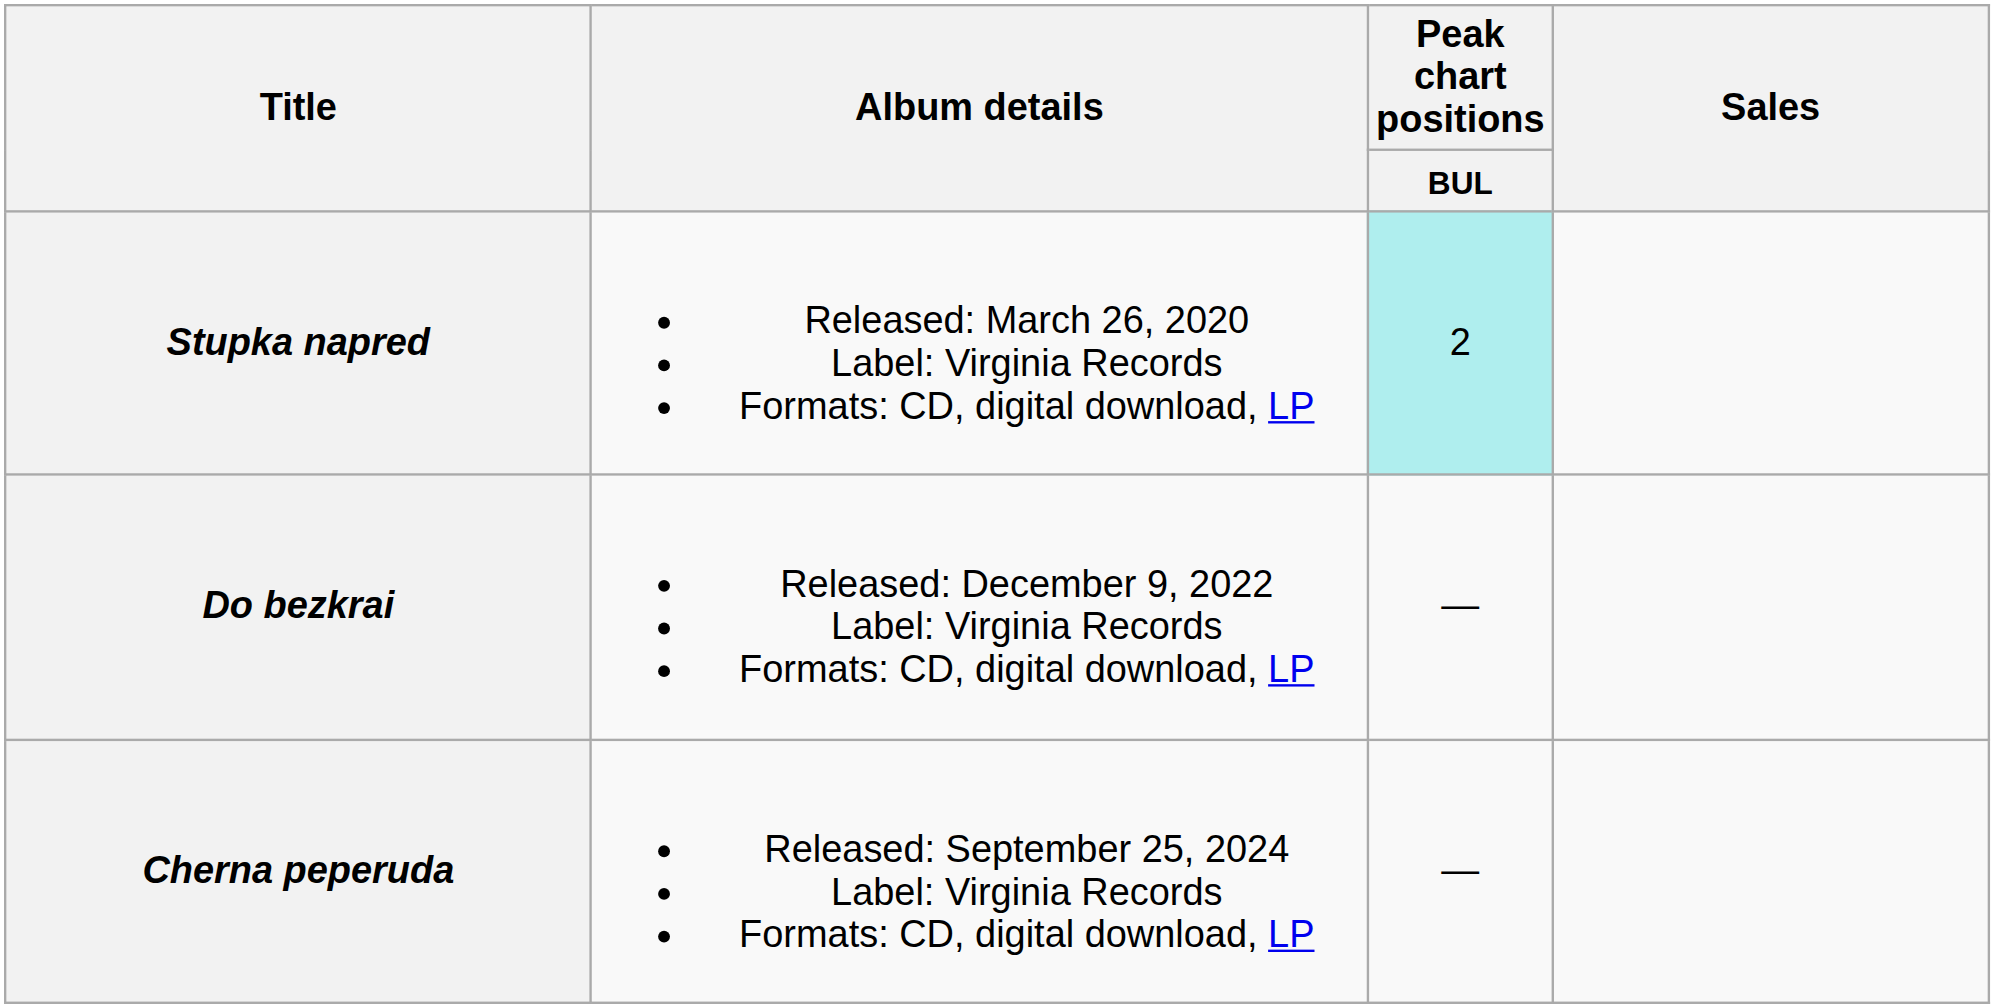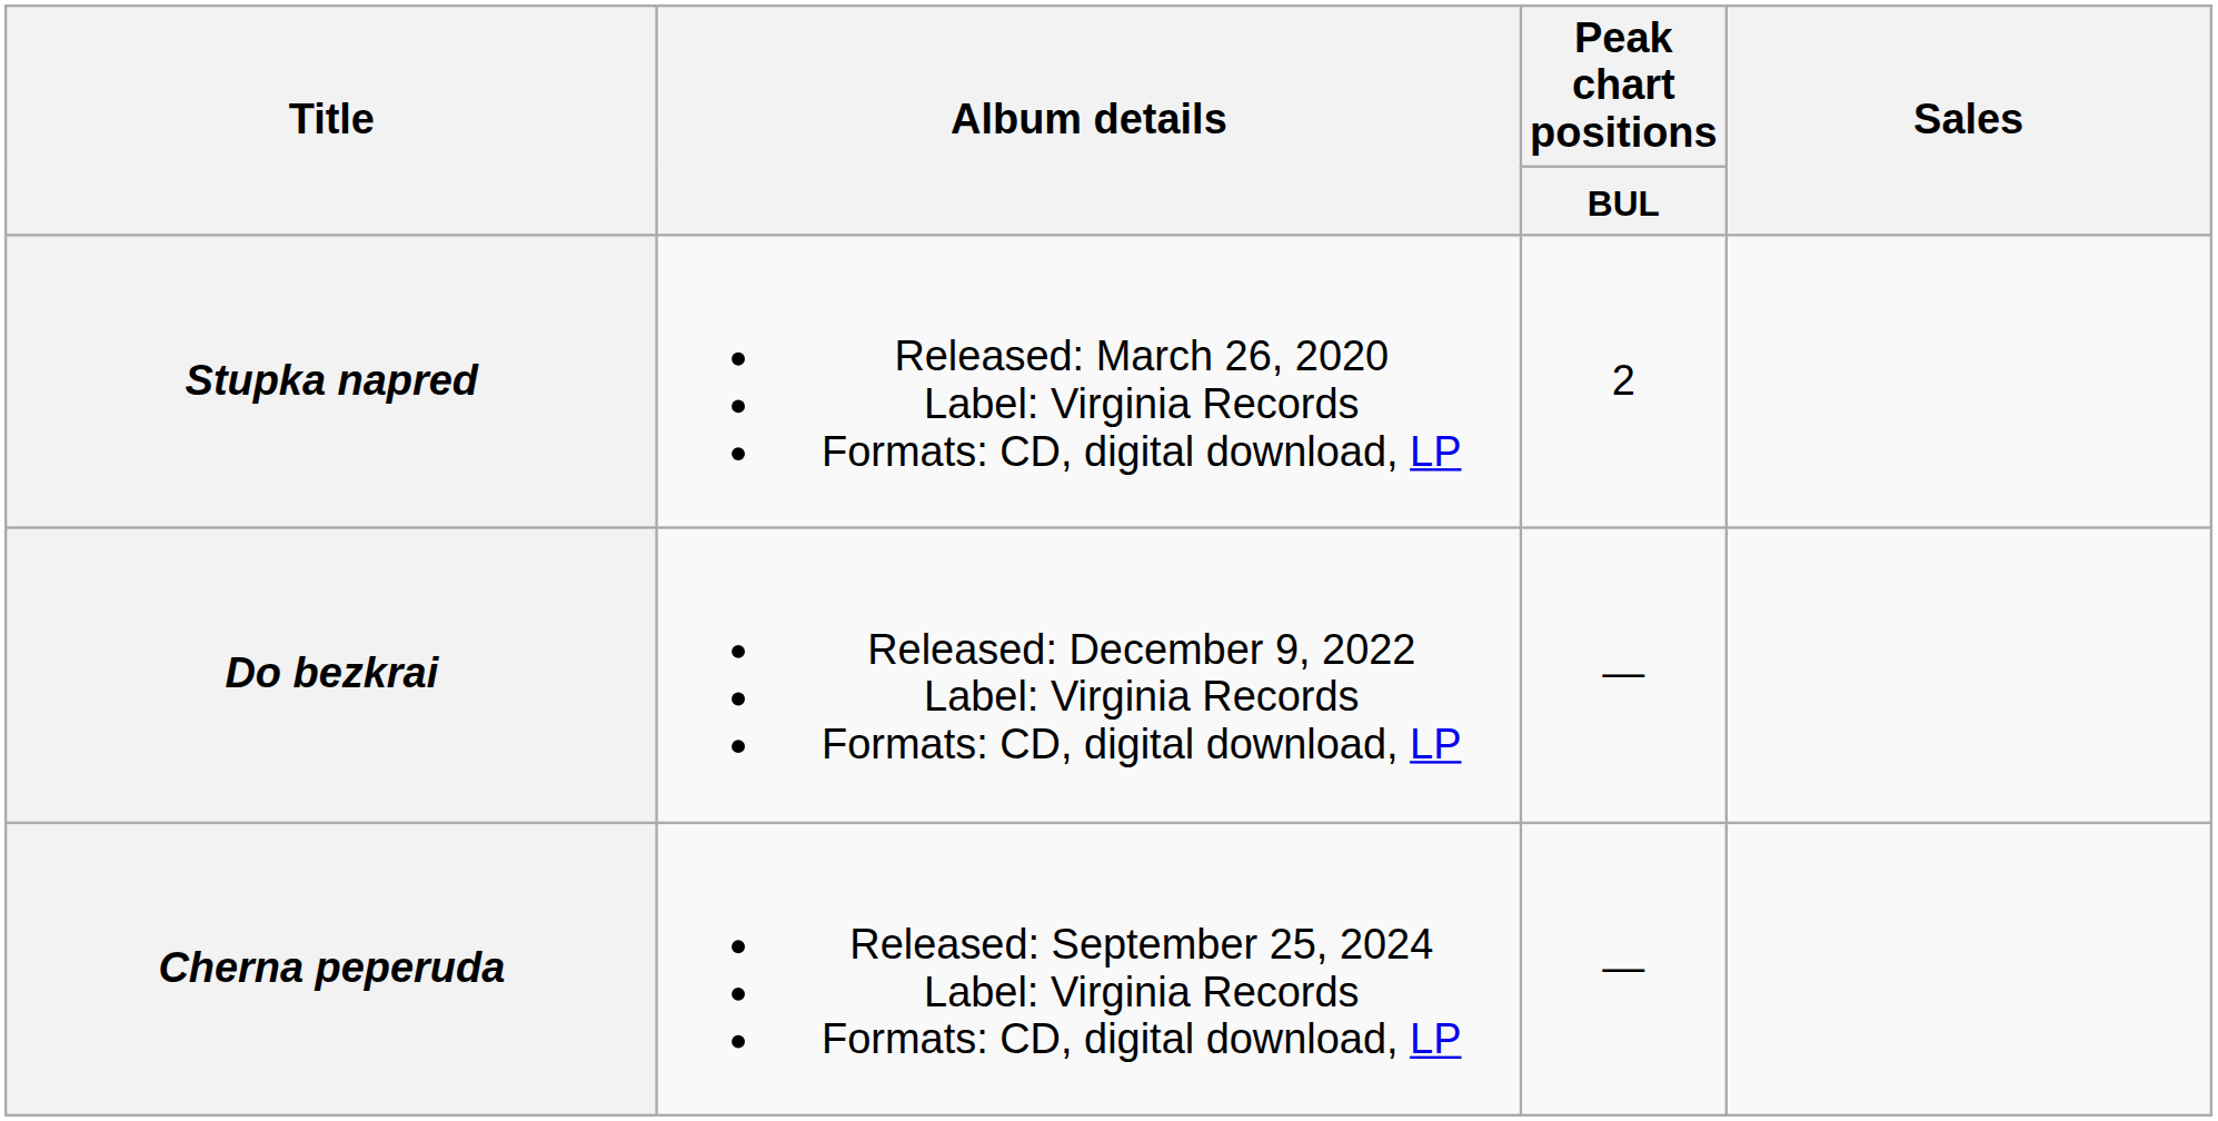 <table class="wikitable plainrowheaders" style="text-align:center;">
 <tr>
 <th scope="col" rowspan="2" style="width: 15em;">Title</th>
 <th scope="col" rowspan="2" style="width: 20em;">Album details</th>
 <th scope="col" colspan="1">Peak chart positions</th>
 <th scope="col" rowspan="2" style="width: 11em;">Sales</th>
 </tr>
 <tr>
 <th width=25><small>BUL</small><br></th>
 </tr>
 <tr>
 <th scope="row"><em>Stupka napred</em></th>
 <td><br><ul><li>Released: March 26, 2020</li><li>Label: Virginia Records</li><li>Formats: CD, digital download, <a href='#'>LP</a></li></ul></td>
-<td style="background: paleturquoise;">2</td>
+<td>2</td>
 <td></td>
 </tr>
 <tr>
 <th scope="row"><em>Do bezkrai</em></th>
 <td><br><ul><li>Released: December 9, 2022</li><li>Label: Virginia Records</li><li>Formats: CD, digital download, <a href='#'>LP</a></li></ul></td>
 <td>—</td>
 <td></td>
 </tr>
 <tr>
 <th scope="row"><em>Cherna peperuda</em></th>
 <td><br><ul><li>Released: September 25, 2024</li><li>Label: Virginia Records</li><li>Formats: CD, digital download, <a href='#'>LP</a></li></ul></td>
 <td>—</td>
 <td></td>
 </tr>
 <tr>
 </tr>
 </table>
